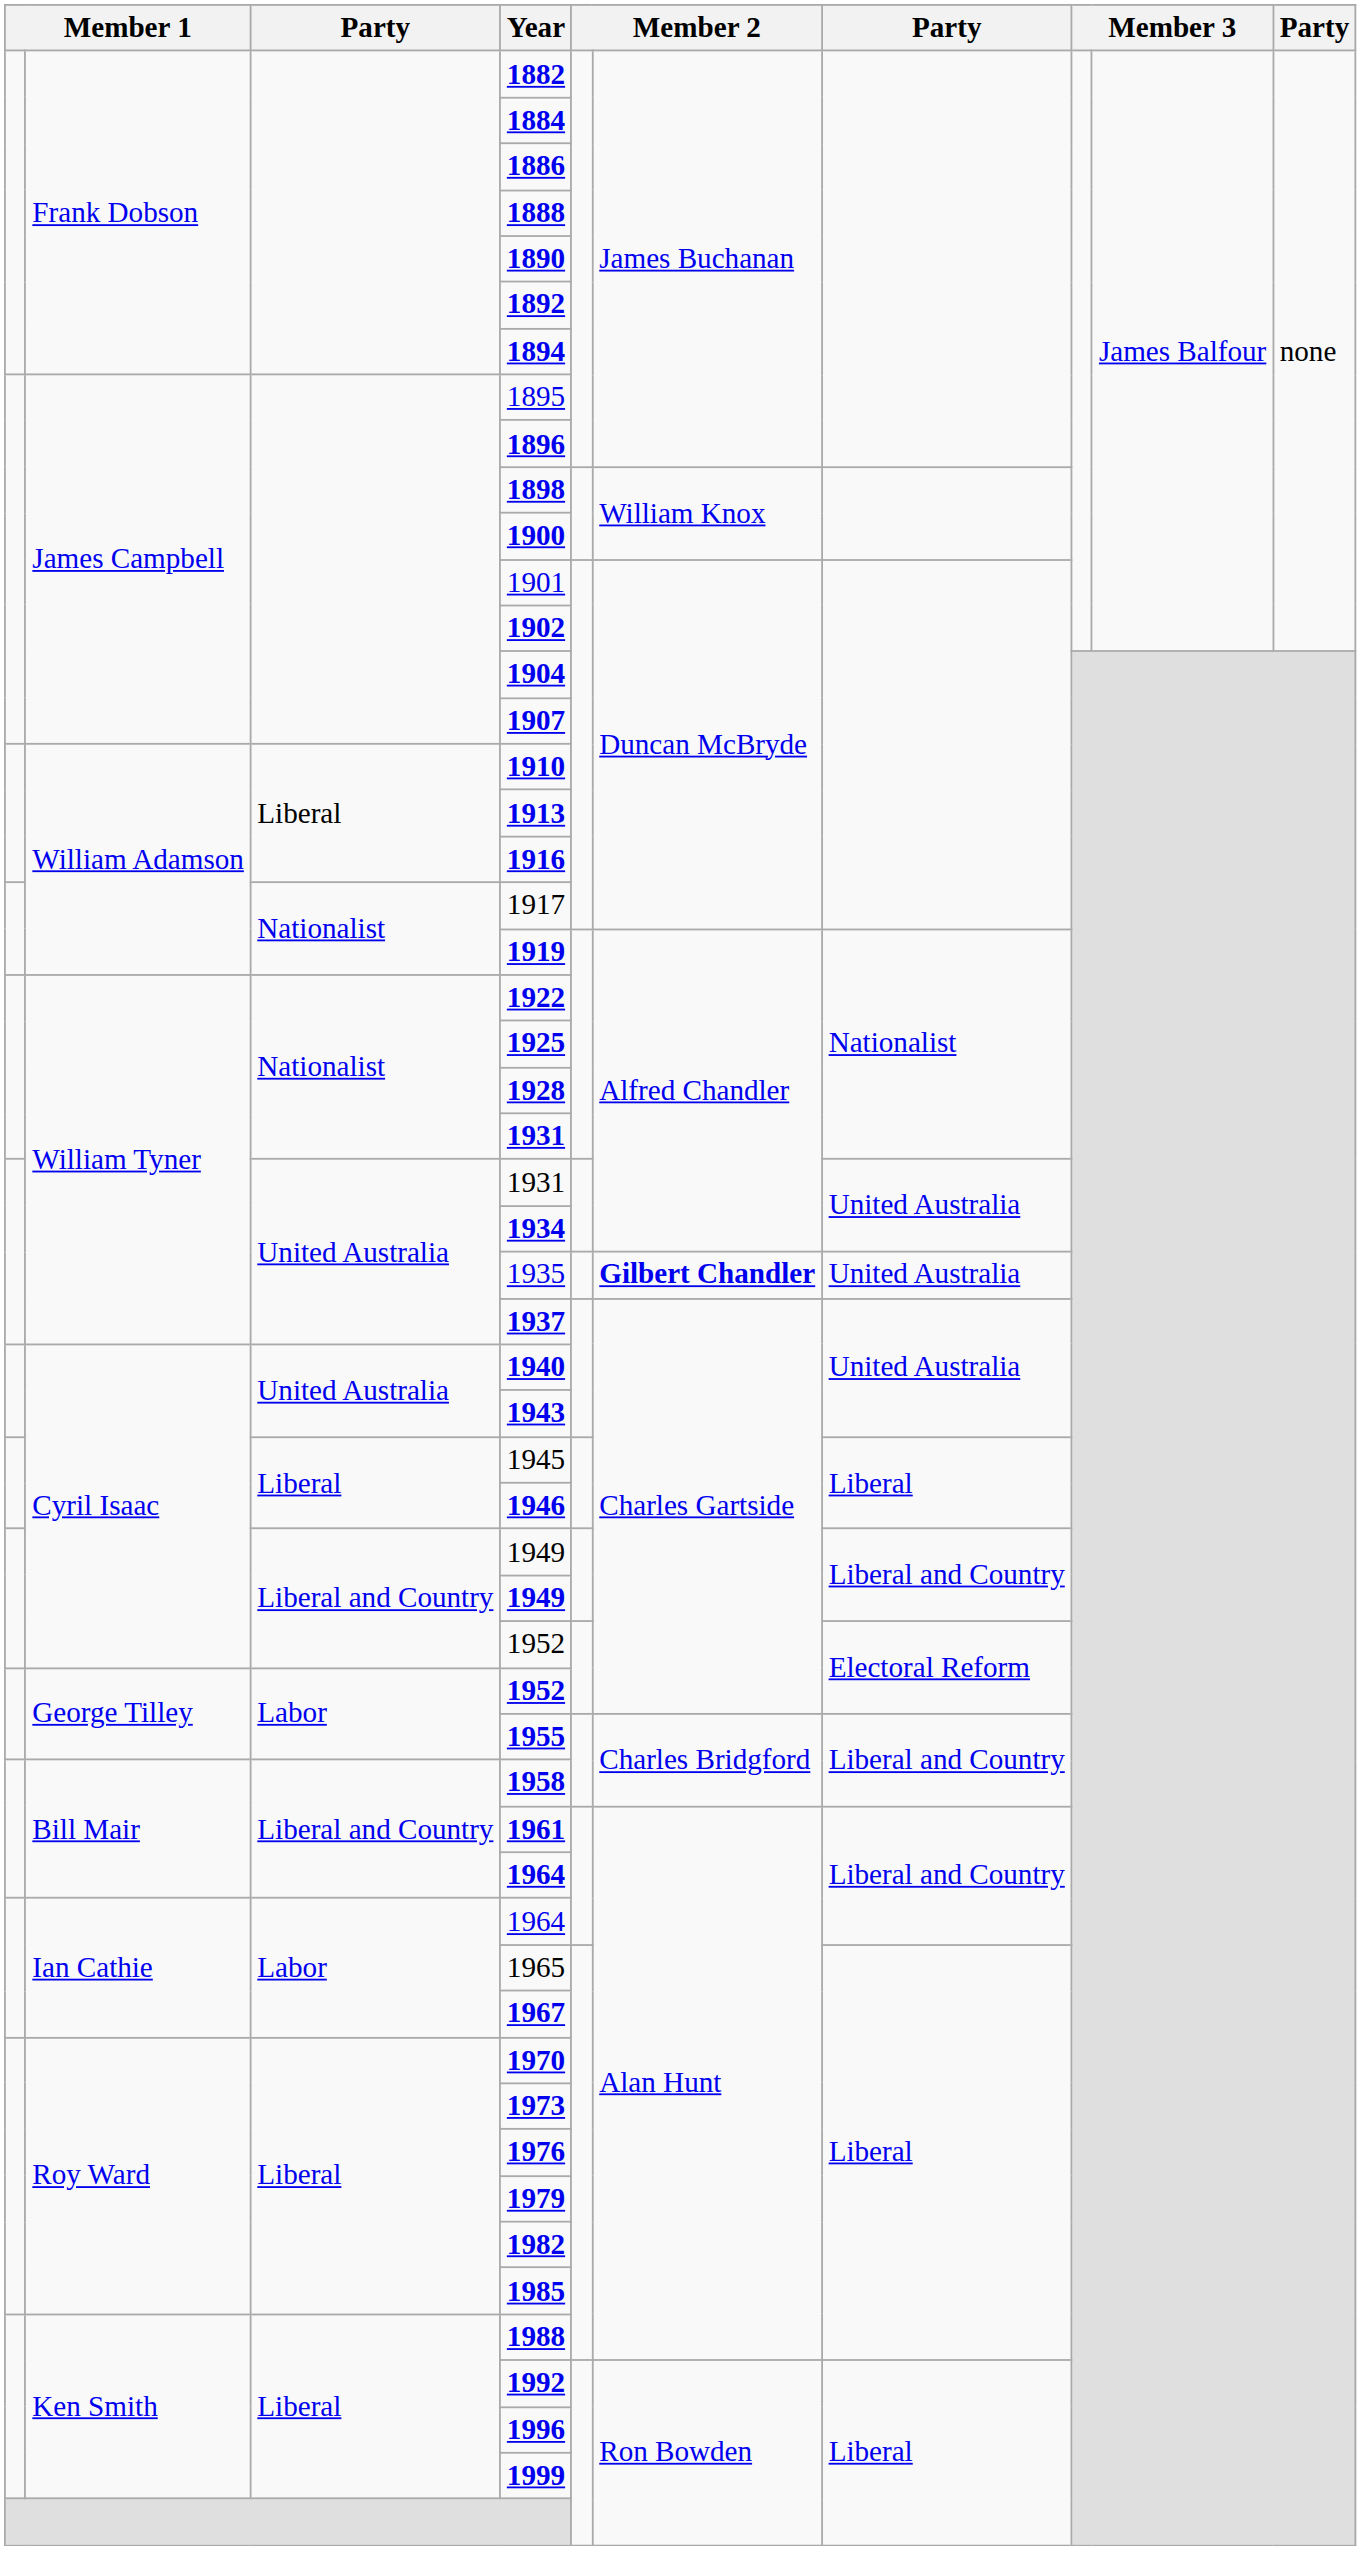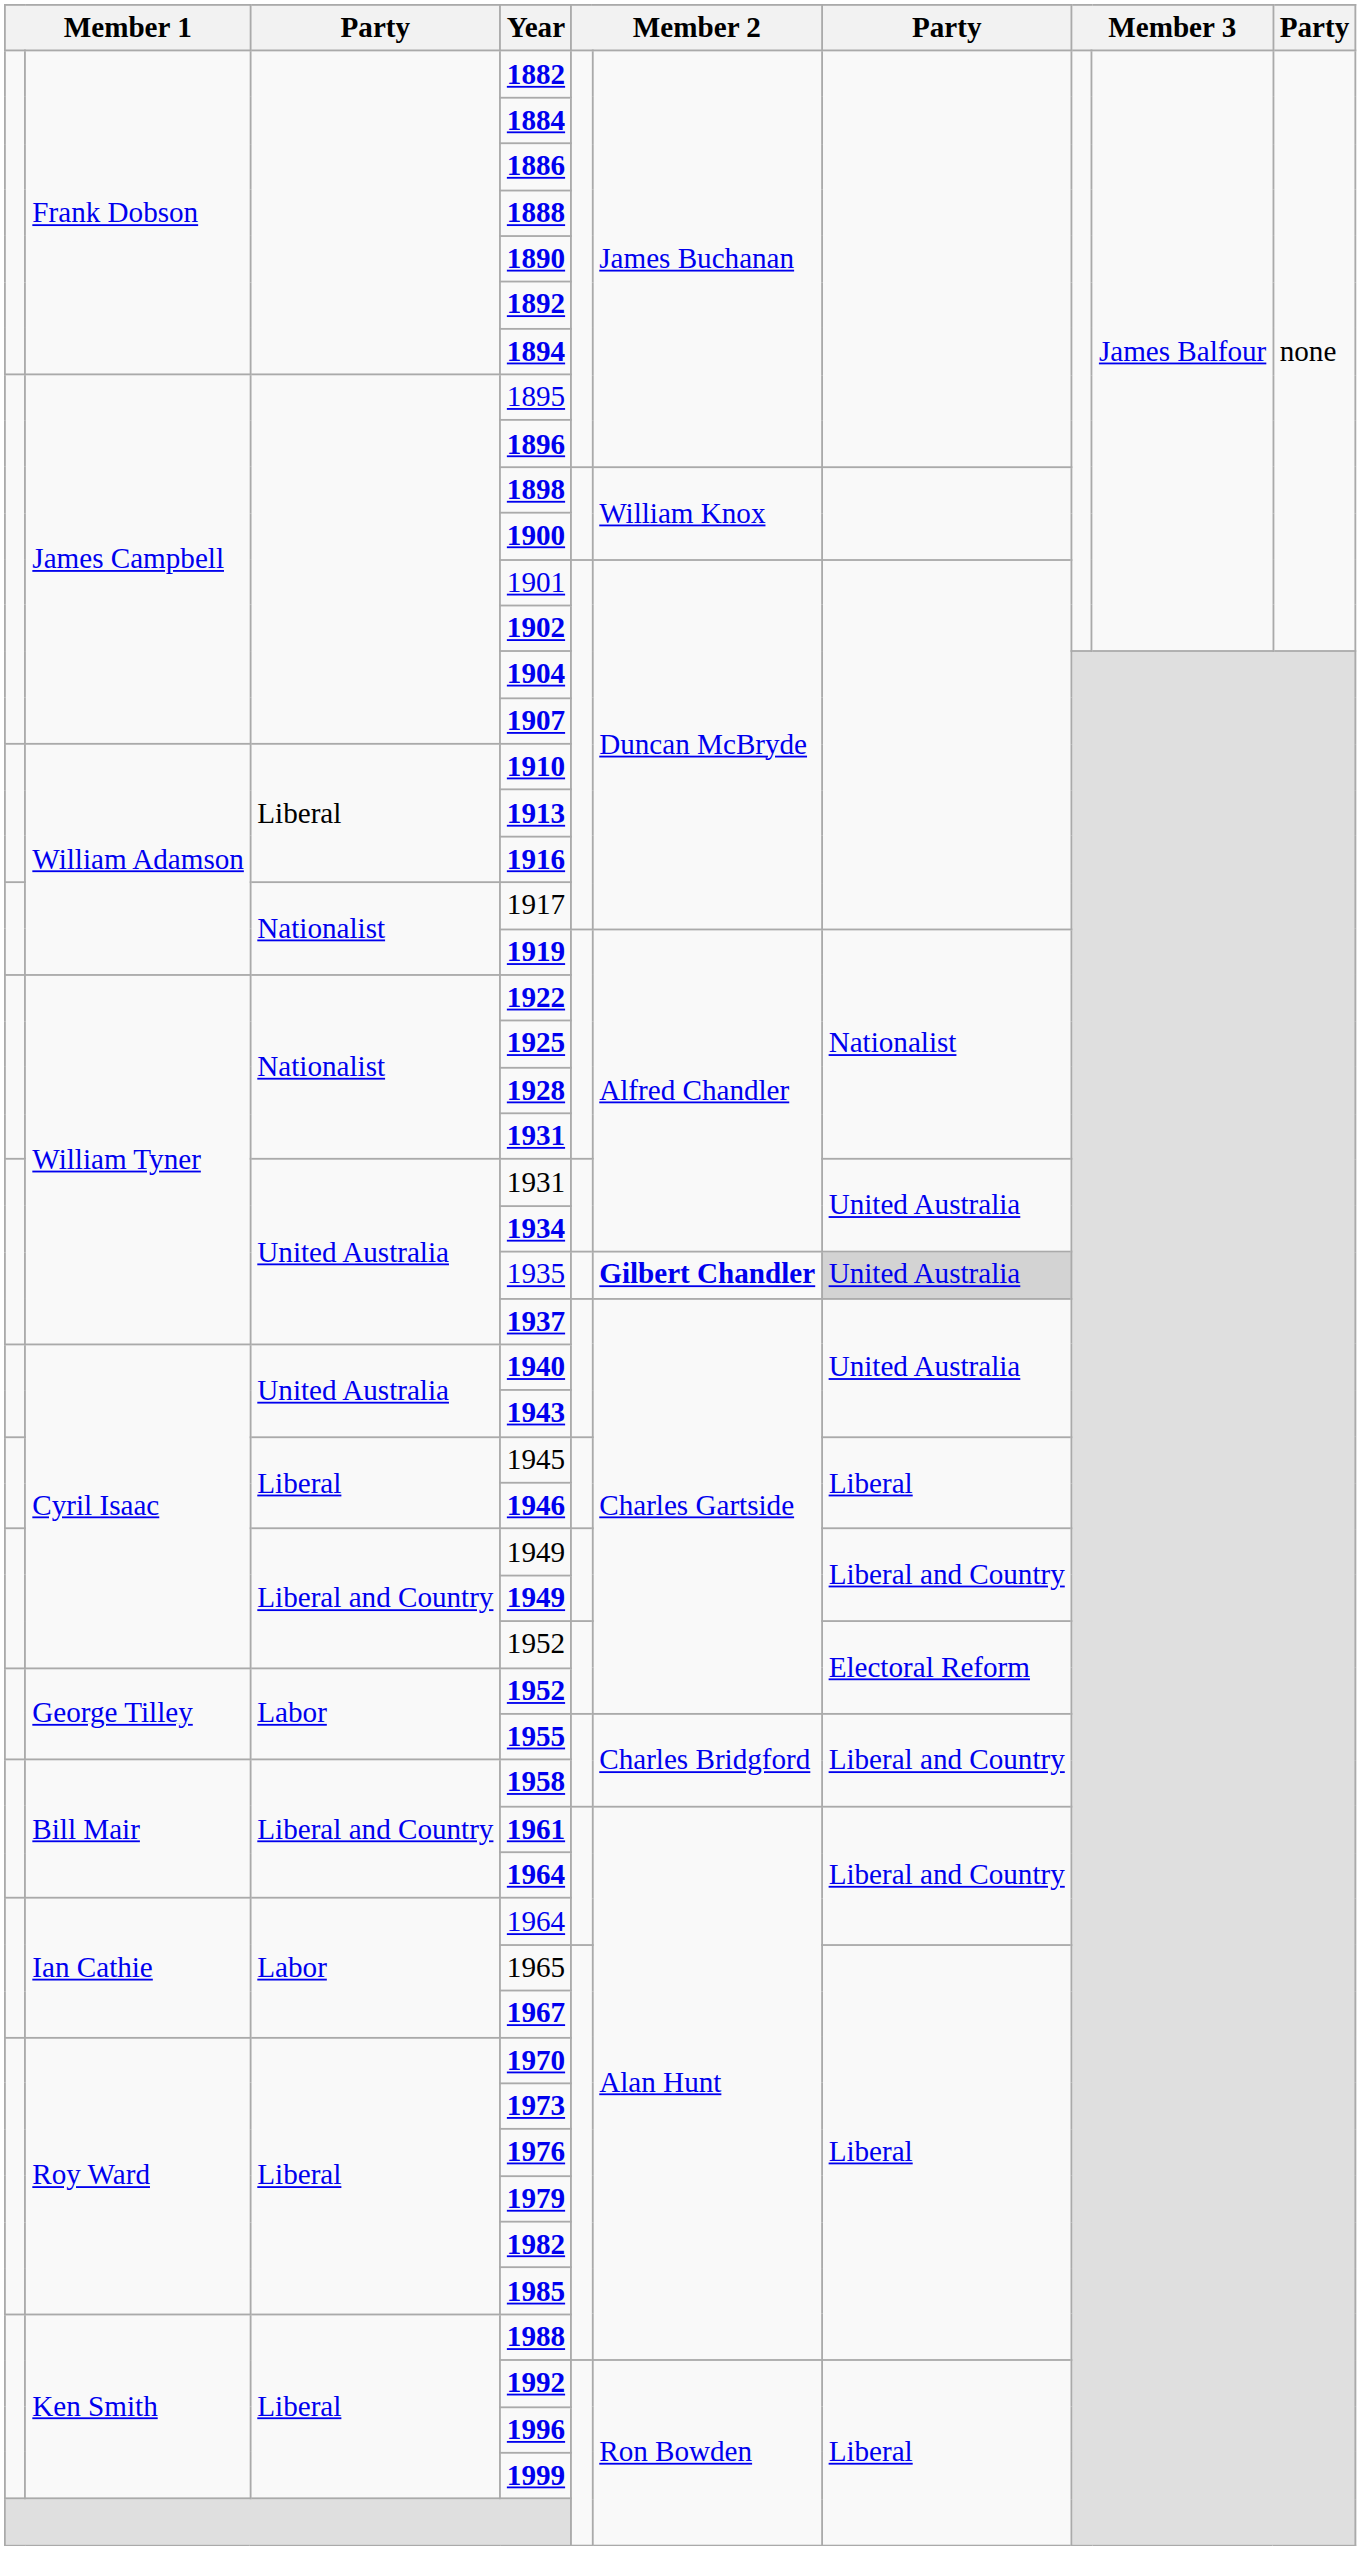 <table class="wikitable">
 <tr>
 <th colspan=2>Member 1</th>
 <th>Party</th>
 <th>Year</th>
 <th colspan=2>Member 2</th>
 <th>Party</th>
 <th colspan=2>Member 3</th>
 <th>Party</th>
 </tr>
 <tr>
 <td rowspan=7 > </td>
 <td rowspan=7><a href='#'>Frank Dobson</a></td>
 <td rowspan=7> </td>
 <td><strong><a href='#'>1882</a></strong></td>
 <td rowspan=9 > </td>
 <td rowspan=9><a href='#'>James Buchanan</a></td>
 <td rowspan=9> </td>
 <td rowspan=13 > </td>
 <td rowspan=13><a href='#'>James Balfour</a></td>
 <td rowspan=13>none</td>
 </tr>
 <tr>
 <td><strong><a href='#'>1884</a></strong></td>
 </tr>
 <tr>
 <td><strong><a href='#'>1886</a></strong></td>
 </tr>
 <tr>
 <td><strong><a href='#'>1888</a></strong></td>
 </tr>
 <tr>
 <td><strong><a href='#'>1890</a></strong></td>
 </tr>
 <tr>
 <td><strong><a href='#'>1892</a></strong></td>
 </tr>
 <tr>
 <td><strong><a href='#'>1894</a></strong></td>
 </tr>
 <tr>
 <td rowspan=8 > </td>
 <td rowspan=8><a href='#'>James Campbell</a></td>
 <td rowspan=8> </td>
 <td><a href='#'>1895</a></td>
 </tr>
 <tr>
 <td><strong><a href='#'>1896</a></strong></td>
 </tr>
 <tr>
 <td><strong><a href='#'>1898</a></strong></td>
 <td rowspan=2 > </td>
 <td rowspan=2><a href='#'>William Knox</a></td>
 <td rowspan=2> </td>
 </tr>
 <tr>
 <td><strong><a href='#'>1900</a></strong></td>
 </tr>
 <tr>
 <td><a href='#'>1901</a></td>
 <td rowspan=8 > </td>
 <td rowspan=8><a href='#'>Duncan McBryde</a></td>
 <td rowspan=8> </td>
 </tr>
 <tr>
 <td><strong><a href='#'>1902</a></strong></td>
 </tr>
 <tr>
 <td><strong><a href='#'>1904</a></strong></td>
 <td rowspan=41 colspan=3  bgcolor=#DFDFDF> </td>
 </tr>
 <tr>
 <td><strong><a href='#'>1907</a></strong></td>
 </tr>
 <tr>
 <td rowspan=3 > </td>
 <td rowspan=5><a href='#'>William Adamson</a></td>
 <td rowspan=3>Liberal</td>
 <td><strong><a href='#'>1910</a></strong></td>
 </tr>
 <tr>
 <td><strong><a href='#'>1913</a></strong></td>
 </tr>
 <tr>
 <td><strong><a href='#'>1916</a></strong></td>
 </tr>
 <tr>
 <td rowspan=2 > </td>
 <td rowspan=2><a href='#'>Nationalist</a></td>
 <td>1917</td>
 </tr>
 <tr>
 <td><strong><a href='#'>1919</a></strong></td>
 <td rowspan=5 > </td>
 <td rowspan=7><a href='#'>Alfred Chandler</a></td>
 <td rowspan=5><a href='#'>Nationalist</a></td>
 </tr>
 <tr>
 <td rowspan=4 > </td>
 <td rowspan=8><a href='#'>William Tyner</a></td>
 <td rowspan=4><a href='#'>Nationalist</a></td>
 <td><strong><a href='#'>1922</a></strong></td>
 </tr>
 <tr>
 <td><strong><a href='#'>1925</a></strong></td>
 </tr>
 <tr>
 <td><strong><a href='#'>1928</a></strong></td>
 </tr>
 <tr>
 <td><strong><a href='#'>1931</a></strong></td>
 </tr>
 <tr>
 <td rowspan=4 > </td>
 <td rowspan=4><a href='#'>United Australia</a></td>
 <td>1931</td>
 <td rowspan=2 > </td>
 <td rowspan=2><a href='#'>United Australia</a></td>
 </tr>
 <tr>
 <td><strong><a href='#'>1934</a></strong></td>
 </tr>
 <tr>
 <td><a href='#'>1935</a></td>
 <td> </td>
 <td><strong><a href='#'>Gilbert Chandler</a></strong></td>
-<td><a href='#'>United Australia</a></td>
+<td style="background: lightgrey;"><a href='#'>United Australia</a></td>
 </tr>
 <tr>
 <td><strong><a href='#'>1937</a></strong></td>
 <td rowspan=3 > </td>
 <td rowspan=9><a href='#'>Charles Gartside</a></td>
 <td rowspan=3><a href='#'>United Australia</a></td>
 </tr>
 <tr>
 <td rowspan=2 > </td>
 <td rowspan=7><a href='#'>Cyril Isaac</a></td>
 <td rowspan=2><a href='#'>United Australia</a></td>
 <td><strong><a href='#'>1940</a></strong></td>
 </tr>
 <tr>
 <td><strong><a href='#'>1943</a></strong></td>
 </tr>
 <tr>
 <td rowspan=2 > </td>
 <td rowspan=2><a href='#'>Liberal</a></td>
 <td>1945</td>
 <td rowspan=2 > </td>
 <td rowspan=2><a href='#'>Liberal</a></td>
 </tr>
 <tr>
 <td><strong><a href='#'>1946</a></strong></td>
 </tr>
 <tr>
 <td rowspan=3 > </td>
 <td rowspan=3><a href='#'>Liberal and Country</a></td>
 <td>1949</td>
 <td rowspan=2 > </td>
 <td rowspan=2><a href='#'>Liberal and Country</a></td>
 </tr>
 <tr>
 <td><strong><a href='#'>1949</a></strong></td>
 </tr>
 <tr>
 <td>1952</td>
 <td rowspan=2 > </td>
 <td rowspan=2><a href='#'>Electoral Reform</a></td>
 </tr>
 <tr>
 <td rowspan=2 > </td>
 <td rowspan=2><a href='#'>George Tilley</a></td>
 <td rowspan=2><a href='#'>Labor</a></td>
 <td><strong><a href='#'>1952</a></strong></td>
 </tr>
 <tr>
 <td><strong><a href='#'>1955</a></strong></td>
 <td rowspan=2 > </td>
 <td rowspan=2><a href='#'>Charles Bridgford</a></td>
 <td rowspan=2><a href='#'>Liberal and Country</a></td>
 </tr>
 <tr>
 <td rowspan=3 > </td>
 <td rowspan=3><a href='#'>Bill Mair</a></td>
 <td rowspan=3><a href='#'>Liberal and Country</a></td>
 <td><strong><a href='#'>1958</a></strong></td>
 </tr>
 <tr>
 <td><strong><a href='#'>1961</a></strong></td>
 <td rowspan=3 > </td>
 <td rowspan=12><a href='#'>Alan Hunt</a></td>
 <td rowspan=3><a href='#'>Liberal and Country</a></td>
 </tr>
 <tr>
 <td><strong><a href='#'>1964</a></strong></td>
 </tr>
 <tr>
 <td rowspan=3 > </td>
 <td rowspan=3><a href='#'>Ian Cathie</a></td>
 <td rowspan=3><a href='#'>Labor</a></td>
 <td><a href='#'>1964</a></td>
 </tr>
 <tr>
 <td>1965</td>
 <td rowspan=9 > </td>
 <td rowspan=9><a href='#'>Liberal</a></td>
 </tr>
 <tr>
 <td><strong><a href='#'>1967</a></strong></td>
 </tr>
 <tr>
 <td rowspan=6 > </td>
 <td rowspan=6><a href='#'>Roy Ward</a></td>
 <td rowspan=6><a href='#'>Liberal</a></td>
 <td><strong><a href='#'>1970</a></strong></td>
 </tr>
 <tr>
 <td><strong><a href='#'>1973</a></strong></td>
 </tr>
 <tr>
 <td><strong><a href='#'>1976</a></strong></td>
 </tr>
 <tr>
 <td><strong><a href='#'>1979</a></strong></td>
 </tr>
 <tr>
 <td><strong><a href='#'>1982</a></strong></td>
 </tr>
 <tr>
 <td><strong><a href='#'>1985</a></strong></td>
 </tr>
 <tr>
 <td rowspan=4 > </td>
 <td rowspan=4><a href='#'>Ken Smith</a></td>
 <td rowspan=4><a href='#'>Liberal</a></td>
 <td><strong><a href='#'>1988</a></strong></td>
 </tr>
 <tr>
 <td><strong><a href='#'>1992</a></strong></td>
 <td rowspan=4 > </td>
 <td rowspan=4><a href='#'>Ron Bowden</a></td>
 <td rowspan=4><a href='#'>Liberal</a></td>
 </tr>
 <tr>
 <td><strong><a href='#'>1996</a></strong></td>
 </tr>
 <tr>
 <td><strong><a href='#'>1999</a></strong></td>
 </tr>
 <tr>
 <td colspan=4  bgcolor=#DFDFDF> </td>
 </tr>
 </table>
